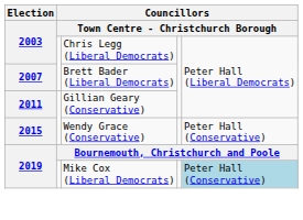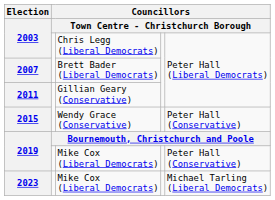 <table class="wikitable">
 <tr>
 <th>Election</th>
 <th colspan="4">Councillors</th>
 </tr>
 <tr>
 <th rowspan="2"><a href='#'>2003</a></th>
 <th colspan="4">Town Centre - Christchurch Borough</th>
 </tr>
 <tr>
 <td rowspan="2" style="background-color: "></td>
 <td>Chris Legg<br>(<a href='#'>Liberal Democrats</a>)</td>
 <td rowspan="3" style="background-color: "></td>
 <td rowspan="3">Peter Hall<br>(<a href='#'>Liberal Democrats</a>)</td>
 </tr>
 <tr>
 <th><a href='#'>2007</a></th>
 <td>Brett Bader<br>(<a href='#'>Liberal Democrats</a>)</td>
 </tr>
 <tr>
 <th><a href='#'>2011</a></th>
 <td rowspan="2" style="background-color: "></td>
 <td>Gillian Geary<br>(<a href='#'>Conservative</a>)</td>
 </tr>
 <tr>
 <th><a href='#'>2015</a></th>
 <td>Wendy Grace<br>(<a href='#'>Conservative</a>)</td>
 <td rowspan="1;" style="background-color: "></td>
 <td>Peter Hall<br>(<a href='#'>Conservative</a>)</td>
 </tr>
 <tr>
 <th rowspan="2"><a href='#'>2019</a></th>
 <th colspan="4"><a href='#'>Bournemouth, Christchurch and Poole</a></th>
 </tr>
 <tr>
 <td rowspan="1;" style="background-color: "></td>
 <td>Mike Cox<br>(<a href='#'>Liberal Democrats</a>)</td>
 <td rowspan="1;" style="background-color: "></td>
-<td style="background: lightblue;">Peter Hall<br>(<a href='#'>Conservative</a>)</td>
+<td>Peter Hall<br>(<a href='#'>Conservative</a>)</td>
+</tr>
+<tr>
+<th><a href='#'>2023</a></th>
+<td rowspan="1;" style="background-color: "></td>
+<td>Mike Cox<br>(<a href='#'>Liberal Democrats</a>)</td>
+<td rowspan="1;" style="background-color: "></td>
+<td>Michael Tarling<br>(<a href='#'>Liberal Democrats</a>)</td>
 </tr>
 </table>
